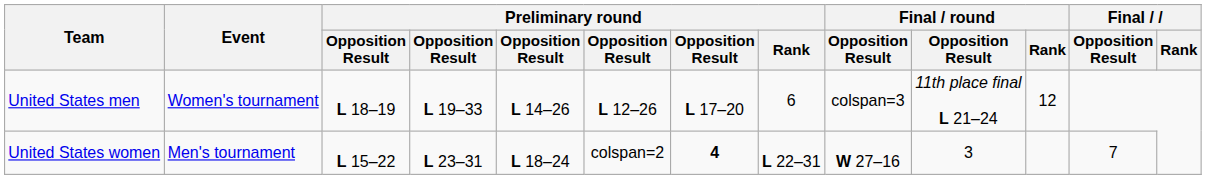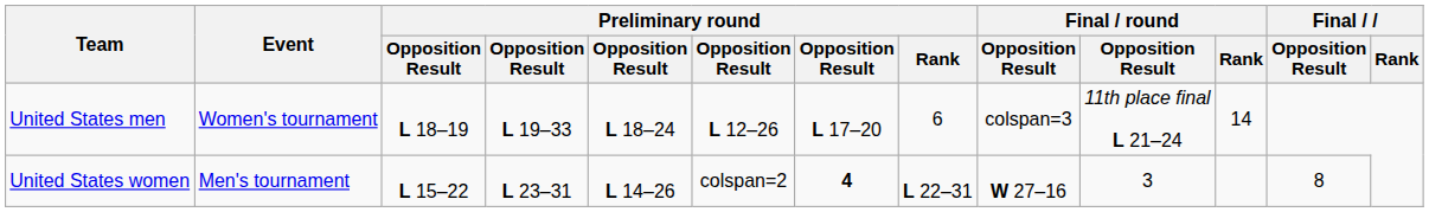 <table class=wikitable style=font-size:90%;text-align:center>
 <tr>
 <th rowspan=2>Team</th>
 <th rowspan=2>Event</th>
 <th colspan=6>Preliminary round</th>
 <th colspan=3>Final /  round</th>
 <th colspan=2>Final /  / </th>
 </tr>
 <tr style=font-size:95%>
 <th>Opposition<br>Result</th>
 <th>Opposition<br>Result</th>
 <th>Opposition<br>Result</th>
 <th>Opposition<br>Result</th>
 <th>Opposition<br>Result</th>
 <th>Rank</th>
 <th>Opposition<br>Result</th>
 <th>Opposition<br>Result</th>
 <th>Rank</th>
 <th>Opposition<br>Result</th>
 <th>Rank</th>
 </tr>
 <tr>
 <td align=left><a href='#'>United States men</a></td>
 <td align=left><a href='#'>Women's tournament</a></td>
 <td><br><strong>L</strong> 18–19</td>
 <td><br><strong>L</strong> 19–33</td>
-<td><br><strong>L</strong> 14–26</td>
+<td><br><strong>L</strong> 18–24</td>
 <td><br><strong>L</strong> 12–26</td>
 <td><br><strong>L</strong> 17–20</td>
 <td>6</td>
 <td>colspan=3 </td>
 <td><em>11th place final</em><br><br><strong>L</strong> 21–24</td>
-<td>12</td>
+<td>14</td>
 </tr>
 <tr>
 <td align=left><a href='#'>United States women</a></td>
 <td align=left><a href='#'>Men's tournament</a></td>
 <td><br><strong>L</strong> 15–22</td>
 <td><br><strong>L</strong> 23–31</td>
-<td><br><strong>L</strong> 18–24</td>
+<td><br><strong>L</strong> 14–26</td>
 <td>colspan=2 </td>
 <td><strong>4</strong></td>
 <td><br><strong>L</strong> 22–31</td>
 <td><br><strong>W</strong> 27–16</td>
 <td>3</td>
 <td></td>
-<td>7</td>
+<td>8</td>
 </tr>
 </table>
